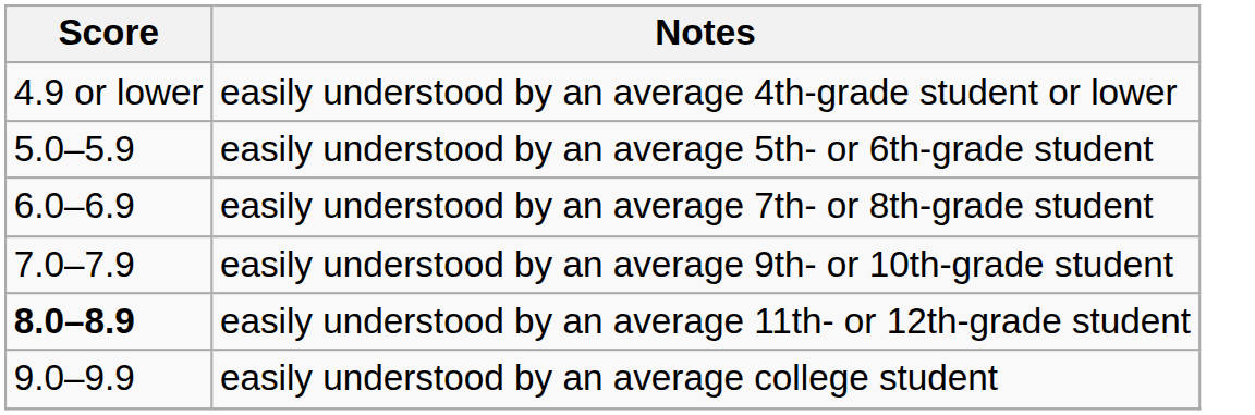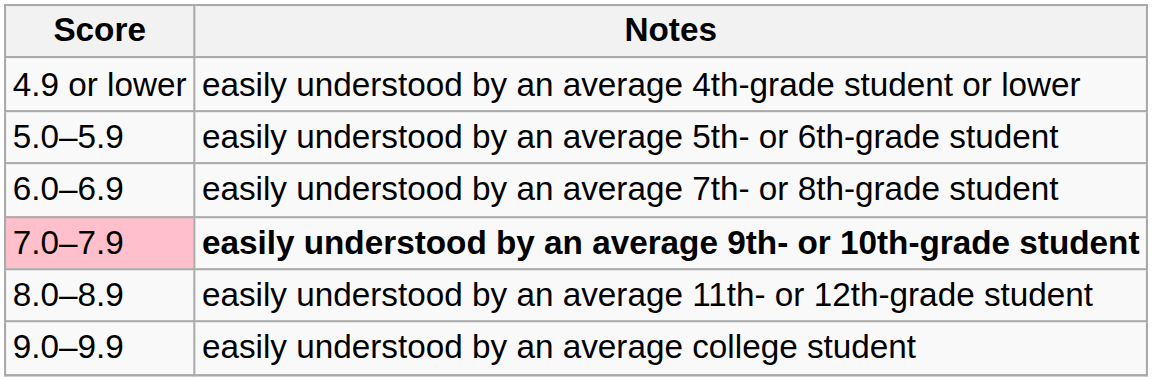 <table class="wikitable" border="1">
 <tr>
 <th>Score</th>
 <th>Notes</th>
 </tr>
 <tr>
 <td>4.9 or lower</td>
 <td>easily understood by an average 4th-grade student or lower</td>
 </tr>
 <tr>
 <td>5.0–5.9</td>
 <td>easily understood by an average 5th- or 6th-grade student</td>
 </tr>
 <tr>
 <td>6.0–6.9</td>
 <td>easily understood by an average 7th- or 8th-grade student</td>
 </tr>
 <tr>
-<td>7.0–7.9</td>
-<td>easily understood by an average 9th- or 10th-grade student</td>
+<td style="background: pink;">7.0–7.9</td>
+<td><strong>easily understood by an average 9th- or 10th-grade student</strong></td>
 </tr>
 <tr>
-<td><strong>8.0–8.9</strong></td>
+<td>8.0–8.9</td>
 <td>easily understood by an average 11th- or 12th-grade student</td>
 </tr>
 <tr>
 <td>9.0–9.9</td>
 <td>easily understood by an average college student</td>
 </tr>
 <tr>
 </tr>
 </table>
